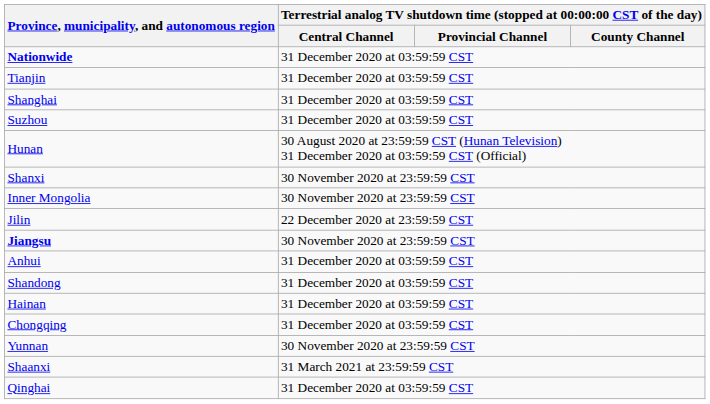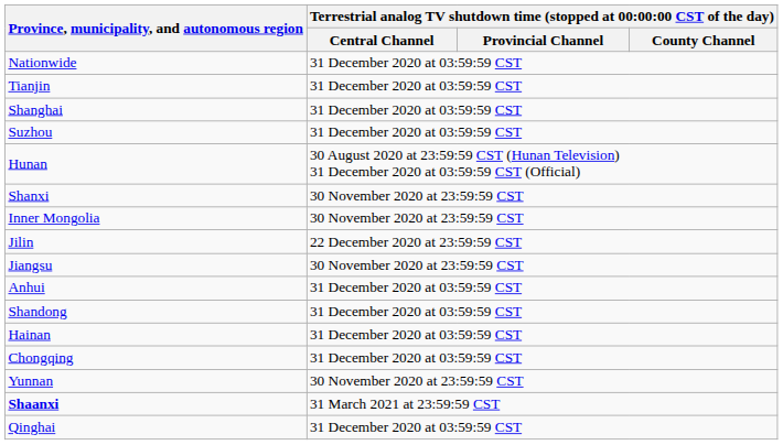 <table class="wikitable">
 <tr>
 <th rowspan="2"><a href='#'>Province</a>, <a href='#'>municipality</a>, and <a href='#'>autonomous region</a></th>
 <th colspan="3">Terrestrial analog TV shutdown time (stopped at 00:00:00 <a href='#'>CST</a> of the day)</th>
 </tr>
 <tr>
 <th>Central Channel</th>
 <th>Provincial Channel</th>
 <th>County Channel</th>
 </tr>
 <tr>
-<td><strong><a href='#'>Nationwide</a></strong></td>
+<td><a href='#'>Nationwide</a></td>
 <td colspan="3">31 December 2020 at 03:59:59 <a href='#'>CST</a></td>
 </tr>
 <tr>
 <td><a href='#'>Tianjin</a></td>
 <td colspan="3">31 December 2020 at 03:59:59 <a href='#'>CST</a></td>
 </tr>
 <tr>
 <td><a href='#'>Shanghai</a></td>
 <td colspan="3">31 December 2020 at 03:59:59 <a href='#'>CST</a></td>
 </tr>
 <tr>
 <td><a href='#'>Suzhou</a></td>
 <td colspan="3">31 December 2020 at 03:59:59 <a href='#'>CST</a></td>
 </tr>
 <tr>
 <td><a href='#'>Hunan</a></td>
 <td colspan="3">30 August 2020 at 23:59:59 <a href='#'>CST</a> (<a href='#'>Hunan Television</a>)<br>31 December 2020 at 03:59:59 <a href='#'>CST</a> (Official)</td>
 </tr>
 <tr>
 <td><a href='#'>Shanxi</a></td>
 <td colspan="3">30 November 2020 at 23:59:59 <a href='#'>CST</a></td>
 </tr>
 <tr>
 <td><a href='#'>Inner Mongolia</a></td>
 <td colspan="3">30 November 2020 at 23:59:59 <a href='#'>CST</a></td>
 </tr>
 <tr>
 <td><a href='#'>Jilin</a></td>
 <td colspan="3">22 December 2020 at 23:59:59 <a href='#'>CST</a></td>
 </tr>
 <tr>
-<td><strong><a href='#'>Jiangsu</a></strong></td>
+<td><a href='#'>Jiangsu</a></td>
 <td colspan="3">30 November 2020 at 23:59:59 <a href='#'>CST</a></td>
 </tr>
 <tr>
 <td><a href='#'>Anhui</a></td>
 <td colspan="3">31 December 2020 at 03:59:59 <a href='#'>CST</a></td>
 </tr>
 <tr>
 <td><a href='#'>Shandong</a></td>
 <td colspan="3">31 December 2020 at 03:59:59 <a href='#'>CST</a></td>
 </tr>
 <tr>
 <td><a href='#'>Hainan</a></td>
 <td colspan="3">31 December 2020 at 03:59:59 <a href='#'>CST</a></td>
 </tr>
 <tr>
 <td><a href='#'>Chongqing</a></td>
 <td colspan="3">31 December 2020 at 03:59:59 <a href='#'>CST</a></td>
 </tr>
 <tr>
 <td><a href='#'>Yunnan</a></td>
 <td colspan="3">30 November 2020 at 23:59:59 <a href='#'>CST</a></td>
 </tr>
 <tr>
-<td><a href='#'>Shaanxi</a></td>
+<td><strong><a href='#'>Shaanxi</a></strong></td>
 <td colspan="3">31 March 2021 at 23:59:59 <a href='#'>CST</a></td>
 </tr>
 <tr>
 <td><a href='#'>Qinghai</a></td>
 <td colspan="3">31 December 2020 at 03:59:59 <a href='#'>CST</a></td>
 </tr>
 </table>
